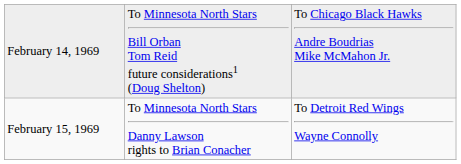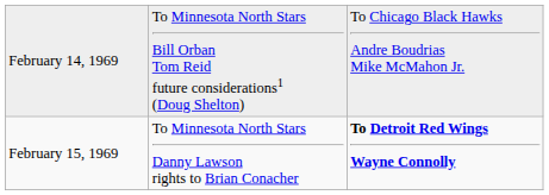 <table class="wikitable" style="border:1px solid #999; width:580px;">
 <tr style="background:#eee;">
 <td>February 14, 1969</td>
 <td valign="top">To <a href='#'>Minnesota North Stars</a><hr><a href='#'>Bill Orban</a><br><a href='#'>Tom Reid</a><br>future considerations<sup>1</sup><br>(<a href='#'>Doug Shelton</a>)</td>
 <td valign="top">To <a href='#'>Chicago Black Hawks</a><hr><a href='#'>Andre Boudrias</a><br><a href='#'>Mike McMahon Jr.</a></td>
 </tr>
 <tr>
 <td>February 15, 1969</td>
 <td valign="top">To <a href='#'>Minnesota North Stars</a><hr><a href='#'>Danny Lawson</a><br>rights to <a href='#'>Brian Conacher</a></td>
-<td valign="top">To <a href='#'>Detroit Red Wings</a><hr><a href='#'>Wayne Connolly</a></td>
+<td valign="top"><strong>To <a href='#'>Detroit Red Wings</a><hr><a href='#'>Wayne Connolly</a></strong></td>
 </tr>
 </table>
